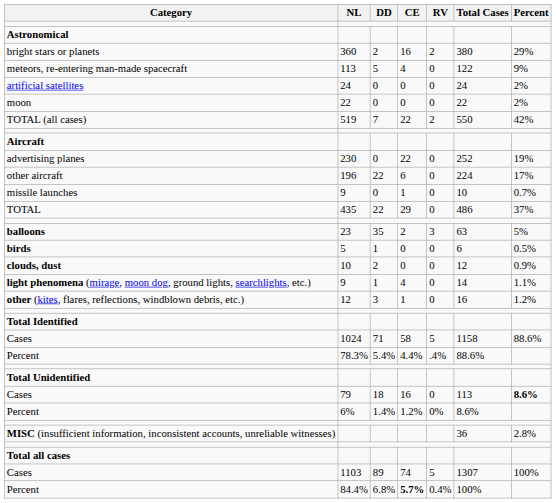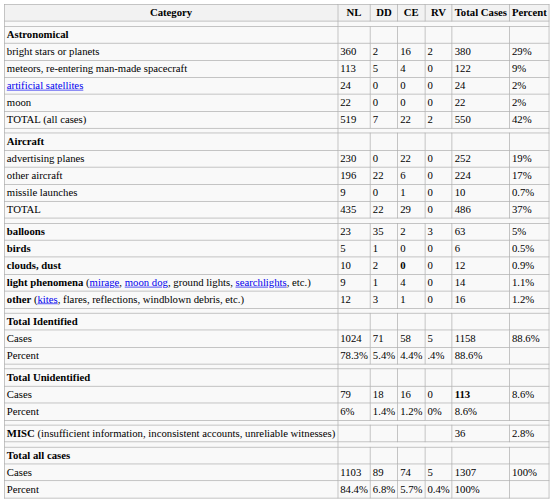 <table class="wikitable">
 <tr>
 <th>Category</th>
 <th>NL</th>
 <th>DD</th>
 <th>CE</th>
 <th>RV</th>
 <th>Total Cases</th>
 <th>Percent</th>
 </tr>
 <tr>
 <td></td>
 </tr>
 <tr>
 <td><strong>Astronomical</strong></td>
 <td></td>
 <td></td>
 <td></td>
 <td></td>
 <td></td>
 <td></td>
 </tr>
 <tr>
 <td>bright stars or planets</td>
 <td>360</td>
 <td>2</td>
 <td>16</td>
 <td>2</td>
 <td>380</td>
 <td>29%</td>
 </tr>
 <tr>
 <td>meteors, re-entering man-made spacecraft</td>
 <td>113</td>
 <td>5</td>
 <td>4</td>
 <td>0</td>
 <td>122</td>
 <td>9%</td>
 </tr>
 <tr>
 <td><a href='#'>artificial satellites</a></td>
 <td>24</td>
 <td>0</td>
 <td>0</td>
 <td>0</td>
 <td>24</td>
 <td>2%</td>
 </tr>
 <tr>
 <td>moon</td>
 <td>22</td>
 <td>0</td>
 <td>0</td>
 <td>0</td>
 <td>22</td>
 <td>2%</td>
 </tr>
 <tr>
 <td>TOTAL (all cases)</td>
 <td>519</td>
 <td>7</td>
 <td>22</td>
 <td>2</td>
 <td>550</td>
 <td>42%</td>
 </tr>
 <tr>
 <td></td>
 </tr>
 <tr>
 <td><strong>Aircraft</strong></td>
 <td></td>
 <td></td>
 <td></td>
 <td></td>
 <td></td>
 <td></td>
 </tr>
 <tr>
 <td>advertising planes</td>
 <td>230</td>
 <td>0</td>
 <td>22</td>
 <td>0</td>
 <td>252</td>
 <td>19%</td>
 </tr>
 <tr>
 <td>other aircraft</td>
 <td>196</td>
 <td>22</td>
 <td>6</td>
 <td>0</td>
 <td>224</td>
 <td>17%</td>
 </tr>
 <tr>
 <td>missile launches</td>
 <td>9</td>
 <td>0</td>
 <td>1</td>
 <td>0</td>
 <td>10</td>
 <td>0.7%</td>
 </tr>
 <tr>
 <td>TOTAL</td>
 <td>435</td>
 <td>22</td>
 <td>29</td>
 <td>0</td>
 <td>486</td>
 <td>37%</td>
 </tr>
 <tr>
 <td></td>
 </tr>
 <tr>
 <td><strong>balloons</strong></td>
 <td>23</td>
 <td>35</td>
 <td>2</td>
 <td>3</td>
 <td>63</td>
 <td>5%</td>
 </tr>
 <tr>
 <td><strong>birds</strong></td>
 <td>5</td>
 <td>1</td>
 <td>0</td>
 <td>0</td>
 <td>6</td>
 <td>0.5%</td>
 </tr>
 <tr>
 <td><strong>clouds, dust</strong></td>
 <td>10</td>
 <td>2</td>
-<td>0</td>
+<td><strong>0</strong></td>
 <td>0</td>
 <td>12</td>
 <td>0.9%</td>
 </tr>
 <tr>
 <td><strong>light phenomena</strong> (<a href='#'>mirage</a>, <a href='#'>moon dog</a>, ground lights, <a href='#'>searchlights</a>, etc.)</td>
 <td>9</td>
 <td>1</td>
 <td>4</td>
 <td>0</td>
 <td>14</td>
 <td>1.1%</td>
 </tr>
 <tr>
 <td><strong>other</strong> (<a href='#'>kites</a>, flares, reflections, windblown debris, etc.)</td>
 <td>12</td>
 <td>3</td>
 <td>1</td>
 <td>0</td>
 <td>16</td>
 <td>1.2%</td>
 </tr>
 <tr>
 <td></td>
 </tr>
 <tr>
 <td><strong>Total Identified</strong></td>
 <td></td>
 <td></td>
 <td></td>
 <td></td>
 <td></td>
 <td></td>
 </tr>
 <tr>
 <td>Cases</td>
 <td>1024</td>
 <td>71</td>
 <td>58</td>
 <td>5</td>
 <td>1158</td>
 <td>88.6%</td>
 </tr>
 <tr>
 <td>Percent</td>
 <td>78.3%</td>
 <td>5.4%</td>
 <td>4.4%</td>
 <td>.4%</td>
 <td>88.6%</td>
 <td></td>
 </tr>
 <tr>
 <td></td>
 </tr>
 <tr>
 <td><strong>Total Unidentified</strong></td>
 <td></td>
 <td></td>
 <td></td>
 <td></td>
 <td></td>
 <td></td>
 </tr>
 <tr>
 <td>Cases</td>
 <td>79</td>
 <td>18</td>
 <td>16</td>
 <td>0</td>
-<td>113</td>
-<td><strong>8.6%</strong></td>
+<td><strong>113</strong></td>
+<td>8.6%</td>
 </tr>
 <tr>
 <td>Percent</td>
 <td>6%</td>
 <td>1.4%</td>
 <td>1.2%</td>
 <td>0%</td>
 <td>8.6%</td>
 <td></td>
 </tr>
 <tr>
 <td></td>
 </tr>
 <tr>
 <td><strong>MISC</strong> (insufficient information, inconsistent accounts, unreliable witnesses)</td>
 <td></td>
 <td></td>
 <td></td>
 <td></td>
 <td>36</td>
 <td>2.8%</td>
 </tr>
 <tr>
 <td></td>
 </tr>
 <tr>
 <td><strong>Total all cases</strong></td>
 <td></td>
 <td></td>
 <td></td>
 <td></td>
 <td></td>
 <td></td>
 </tr>
 <tr>
 <td>Cases</td>
 <td>1103</td>
 <td>89</td>
 <td>74</td>
 <td>5</td>
 <td>1307</td>
 <td>100%</td>
 </tr>
 <tr>
 <td>Percent</td>
 <td>84.4%</td>
 <td>6.8%</td>
-<td><strong>5.7%</strong></td>
+<td>5.7%</td>
 <td>0.4%</td>
 <td>100%</td>
 </tr>
 </table>
